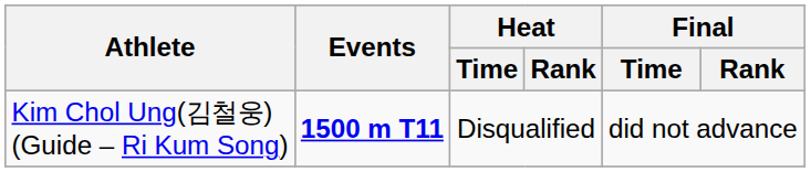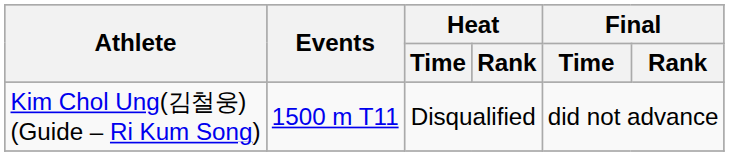 <table class=wikitable style="font-size:90%">
 <tr>
 <th rowspan="2">Athlete</th>
 <th rowspan="2">Events</th>
 <th colspan="2">Heat</th>
 <th colspan="2">Final</th>
 </tr>
 <tr>
 <th>Time</th>
 <th>Rank</th>
 <th>Time</th>
 <th>Rank</th>
 </tr>
 <tr align=center>
 <td align=left><a href='#'>Kim Chol Ung</a>(김철웅)<br>(Guide – <a href='#'>Ri Kum Song</a>)</td>
-<td align=left><strong><a href='#'>1500 m T11</a></strong></td>
+<td align=left><a href='#'>1500 m T11</a></td>
 <td colspan=2>Disqualified</td>
 <td colspan=2>did not advance</td>
 </tr>
 </table>
